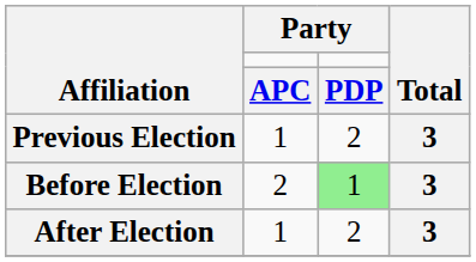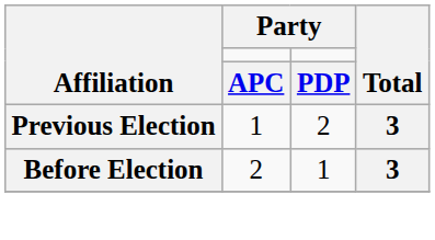 <table class=wikitable style="text-align:center">
 <tr style="vertical-align:bottom;">
 <th rowspan=3>Affiliation</th>
 <th colspan=2>Party</th>
 <th rowspan=3>Total</th>
 </tr>
 <tr>
 <td style="background-color:"></td>
 <td style="background-color:"></td>
 </tr>
 <tr>
 <th><a href='#'>APC</a></th>
 <th><a href='#'>PDP</a></th>
 </tr>
 <tr>
 <th>Previous Election</th>
 <td>1</td>
 <td>2</td>
 <th>3</th>
 </tr>
 <tr>
 <th>Before Election</th>
 <td>2</td>
-<td style="background: lightgreen;">1</td>
-<th>3</th>
-</tr>
-<tr>
-<th>After Election</th>
 <td>1</td>
-<td>2</td>
 <th>3</th>
 </tr>
 <tr>
 </tr>
 </table>
